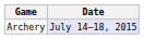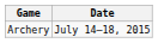 <table class="wikitable sortable plainrowheaders" style="text-align:center">
 <tr>
 <th>Game</th>
 <th>Date</th>
 </tr>
 <tr>
 <td>Archery</td>
-<td style="background: lavender;">July 14–18, 2015</td>
+<td>July 14–18, 2015</td>
 </tr>
 </table>
